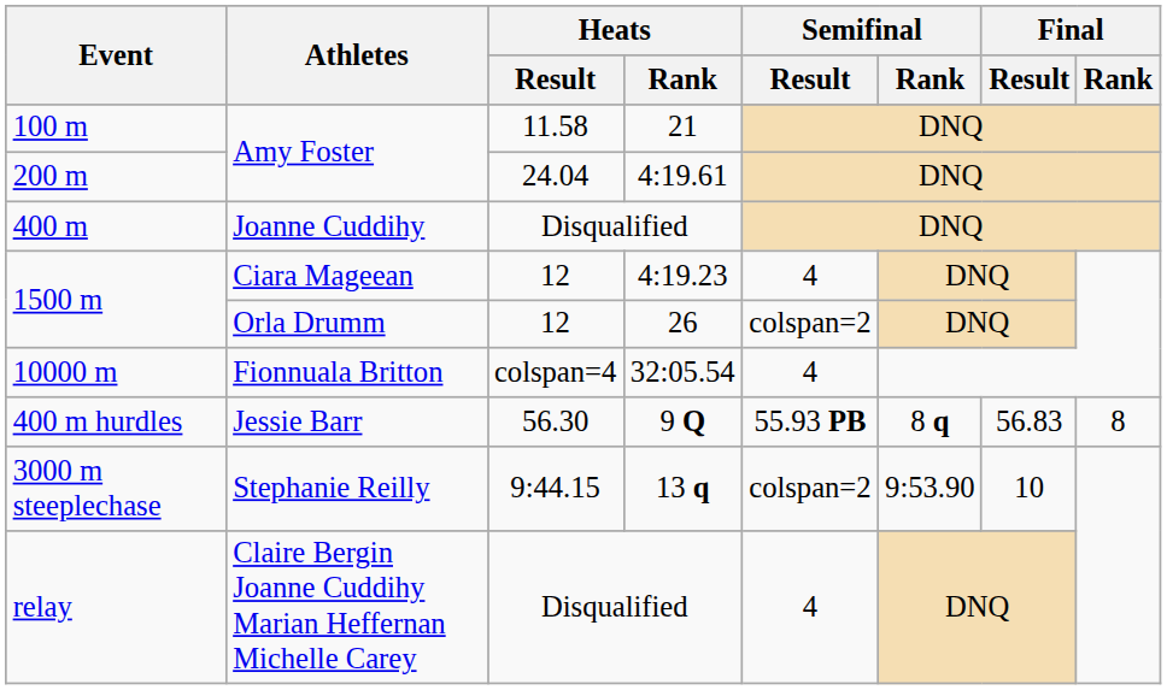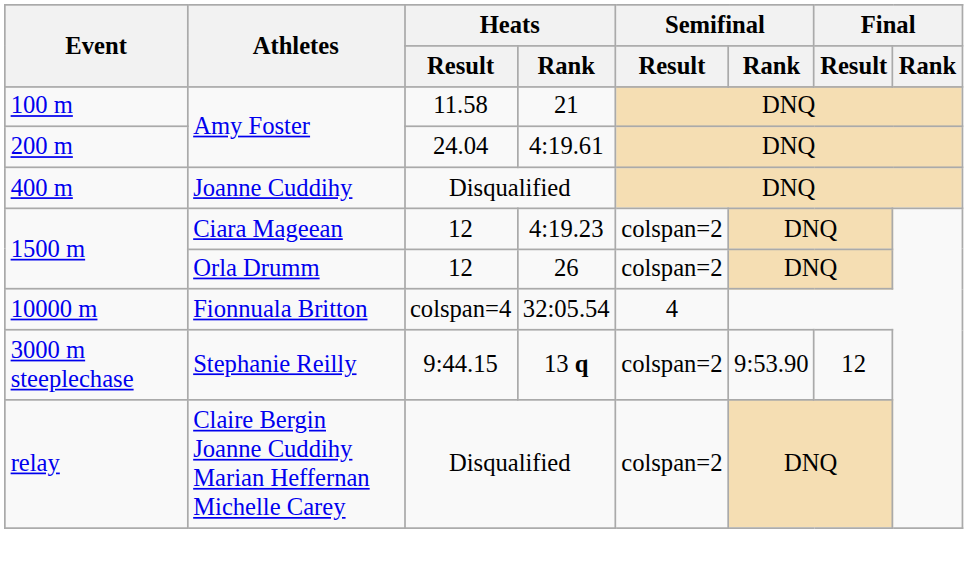 <table class="wikitable" border="1" style="font-size:90%">
 <tr>
 <th rowspan="2" width=100>Event</th>
 <th rowspan="2" width=120>Athletes</th>
 <th colspan="2">Heats</th>
 <th colspan="2">Semifinal</th>
 <th colspan="2">Final</th>
 </tr>
 <tr>
 <th>Result</th>
 <th>Rank</th>
 <th>Result</th>
 <th>Rank</th>
 <th>Result</th>
 <th>Rank</th>
 </tr>
 <tr>
 <td><a href='#'>100 m</a></td>
 <td rowspan=2><a href='#'>Amy Foster</a></td>
 <td align=center>11.58</td>
 <td align=center>21</td>
 <td colspan=4 align=center bgcolor="wheat">DNQ</td>
 </tr>
 <tr>
 <td><a href='#'>200 m</a></td>
 <td align=center>24.04</td>
 <td align=center>4:19.61</td>
 <td colspan=4 align=center bgcolor="wheat">DNQ</td>
 </tr>
 <tr>
 <td><a href='#'>400 m</a></td>
 <td><a href='#'>Joanne Cuddihy</a></td>
 <td align=center colspan="2">Disqualified</td>
 <td colspan=4 align=center bgcolor="wheat">DNQ</td>
 </tr>
 <tr>
 <td rowspan=2><a href='#'>1500 m</a></td>
 <td><a href='#'>Ciara Mageean</a></td>
 <td align=center>12</td>
 <td align=center>4:19.23</td>
-<td align=center>4</td>
+<td>colspan=2 </td>
 <td colspan=2 align=center bgcolor="wheat">DNQ</td>
 </tr>
 <tr>
 <td><a href='#'>Orla Drumm</a></td>
 <td align=center>12</td>
 <td align=center>26</td>
 <td>colspan=2 </td>
 <td colspan=2 align=center bgcolor="wheat">DNQ</td>
 </tr>
 <tr>
 <td><a href='#'>10000 m</a></td>
 <td><a href='#'>Fionnuala Britton</a></td>
 <td>colspan=4 </td>
 <td align=center>32:05.54</td>
 <td align=center>4</td>
 </tr>
 <tr>
-<td><a href='#'>400 m hurdles</a></td>
-<td><a href='#'>Jessie Barr</a></td>
-<td align=center>56.30</td>
-<td align=center>9 <strong>Q</strong></td>
-<td align=center>55.93 <strong>PB</strong></td>
-<td align=center>8 <strong>q</strong></td>
-<td align=center>56.83</td>
-<td align=center>8</td>
-</tr>
-<tr>
 <td><a href='#'>3000 m steeplechase</a></td>
 <td><a href='#'>Stephanie Reilly</a></td>
 <td align=center>9:44.15</td>
 <td align=center>13 <strong>q</strong></td>
 <td>colspan=2 </td>
 <td align=center>9:53.90</td>
-<td align=center>10</td>
+<td align=center>12</td>
 </tr>
 <tr>
 <td><a href='#'> relay</a></td>
 <td><a href='#'>Claire Bergin</a><br><a href='#'>Joanne Cuddihy</a><br><a href='#'>Marian Heffernan</a><br><a href='#'>Michelle Carey</a></td>
 <td align=center colspan="2">Disqualified</td>
-<td align=center>4</td>
+<td>colspan=2 </td>
 <td colspan=2 align=center bgcolor="wheat">DNQ</td>
 </tr>
 </table>
